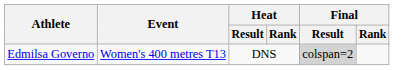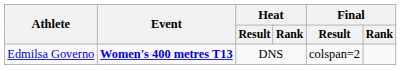 <table class="wikitable" style="text-align: center; font-size:90%">
 <tr>
 <th rowspan="2">Athlete</th>
 <th rowspan="2">Event</th>
 <th colspan="2">Heat</th>
 <th colspan="2">Final</th>
 </tr>
 <tr style="font-size:95%">
 <th>Result</th>
 <th>Rank</th>
 <th>Result</th>
 <th>Rank</th>
 </tr>
 <tr>
 <td align=left><a href='#'>Edmilsa Governo</a></td>
-<td align=left><a href='#'>Women's 400 metres T13</a></td>
+<td align=left><strong><a href='#'>Women's 400 metres T13</a></strong></td>
 <td colspan=2>DNS</td>
-<td style="background: lightgrey;">colspan=2 </td>
+<td>colspan=2 </td>
 </tr>
 </table>
